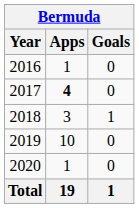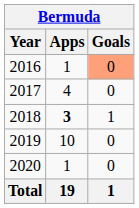 <table class="wikitable" style="text-align:center">
 <tr>
 <th colspan="3"><a href='#'>Bermuda</a></th>
 </tr>
 <tr>
 <th>Year</th>
 <th>Apps</th>
 <th>Goals</th>
 </tr>
 <tr>
 <td>2016</td>
 <td>1</td>
-<td>0</td>
+<td style="background: lightsalmon;">0</td>
 </tr>
 <tr>
 <td>2017</td>
-<td><strong>4</strong></td>
+<td>4</td>
 <td>0</td>
 </tr>
 <tr>
 <td>2018</td>
-<td>3</td>
+<td><strong>3</strong></td>
 <td>1</td>
 </tr>
 <tr>
 <td>2019</td>
 <td>10</td>
 <td>0</td>
 </tr>
 <tr>
 <td>2020</td>
 <td>1</td>
 <td>0</td>
 </tr>
 <tr>
 <th>Total</th>
 <th>19</th>
 <th>1</th>
 </tr>
 </table>
